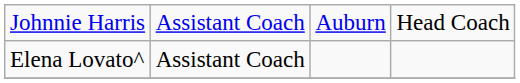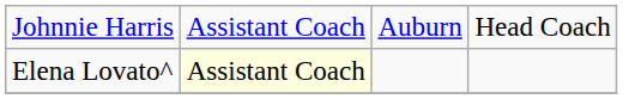 <table class="wikitable">
 <tr>
 <td><a href='#'>Johnnie Harris</a></td>
 <td><a href='#'>Assistant Coach</a></td>
 <td><a href='#'>Auburn</a></td>
 <td>Head Coach</td>
 </tr>
 <tr>
 <td>Elena Lovato^</td>
-<td>Assistant Coach</td>
+<td style="background: lightyellow;">Assistant Coach</td>
 <td></td>
 <td></td>
 </tr>
 <tr>
 </tr>
 </table>
